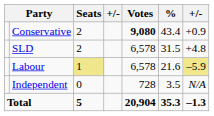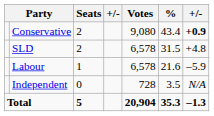 <table class="wikitable sortable">
 <tr>
 <th colspan="2">Party</th>
 <th>Seats</th>
 <th>+/-</th>
 <th>Votes</th>
 <th>%</th>
 <th>+/-</th>
 </tr>
 <tr>
 <td style="background-color: "></td>
 <td><a href='#'>Conservative</a></td>
 <td>2</td>
 <td></td>
-<td style="text-align:right;"><strong>9,080</strong></td>
+<td style="text-align:right;">9,080</td>
 <td style="text-align:right;">43.4</td>
-<td style="text-align:right;">+0.9</td>
+<td style="text-align:right;"><strong>+0.9</strong></td>
 </tr>
 <tr>
 <td style="background-color: "></td>
 <td><a href='#'>SLD</a></td>
 <td>2</td>
 <td></td>
 <td style="text-align:right;">6,578</td>
 <td style="text-align:right;">31.5</td>
 <td style="text-align:right;">+4.8</td>
 </tr>
 <tr>
 <td style="background-color: "></td>
 <td><a href='#'>Labour</a></td>
-<td style="background: khaki;">1</td>
+<td>1</td>
 <td></td>
 <td style="text-align:right;">6,578</td>
 <td style="text-align:right;">21.6</td>
-<td style="background: khaki; text-align:right;">–5.9</td>
+<td style="text-align:right;">–5.9</td>
 </tr>
 <tr>
 <td style="background-color: "></td>
 <td><a href='#'>Independent</a></td>
 <td>0</td>
 <td></td>
 <td style="text-align:right;">728</td>
 <td style="text-align:right;">3.5</td>
 <td style="text-align:right;"><em>N/A</em></td>
 </tr>
 <tr>
 <td colspan="2"><strong>Total</strong></td>
 <td><strong>5</strong></td>
 <td></td>
 <td style="text-align:right;"><strong>20,904</strong></td>
 <td style="text-align:right;"><strong>35.3</strong></td>
 <td style="text-align:right;"><strong>–1.3</strong></td>
 </tr>
 </table>
